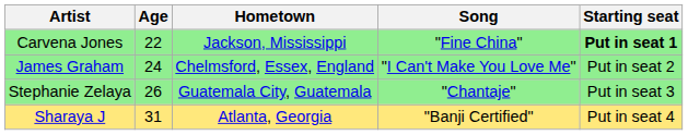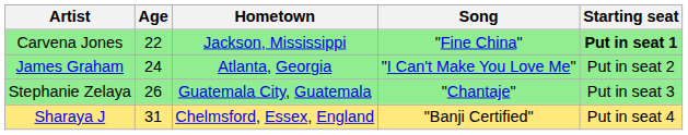 <table class="wikitable plainrowheaders" style="text-align: center;">
 <tr>
 <th>Artist</th>
 <th>Age</th>
 <th>Hometown</th>
 <th>Song</th>
 <th>Starting seat</th>
 </tr>
 <tr style="background:lightgreen;">
 <td>Carvena Jones</td>
 <td>22</td>
 <td><a href='#'>Jackson, Mississippi</a></td>
 <td>"<a href='#'>Fine China</a>"</td>
 <td><strong>Put in seat 1</strong></td>
 </tr>
 <tr style="background:lightgreen">
 <td><a href='#'>James Graham</a></td>
 <td>24</td>
-<td><a href='#'>Chelmsford</a>, <a href='#'>Essex</a>, <a href='#'>England</a></td>
+<td><a href='#'>Atlanta</a>, <a href='#'>Georgia</a></td>
 <td>"<a href='#'>I Can't Make You Love Me</a>"</td>
 <td>Put in seat 2</td>
 </tr>
 <tr style="background:lightgreen;">
 <td>Stephanie Zelaya</td>
 <td>26</td>
 <td><a href='#'>Guatemala City</a>, <a href='#'>Guatemala</a></td>
 <td>"<a href='#'>Chantaje</a>"</td>
 <td>Put in seat 3</td>
 </tr>
 <tr style="background:#FFE87C;">
 <td><a href='#'>Sharaya J</a></td>
 <td>31</td>
-<td><a href='#'>Atlanta</a>, <a href='#'>Georgia</a></td>
+<td><a href='#'>Chelmsford</a>, <a href='#'>Essex</a>, <a href='#'>England</a></td>
 <td>"Banji Certified"</td>
 <td>Put in seat 4</td>
 </tr>
 </table>
